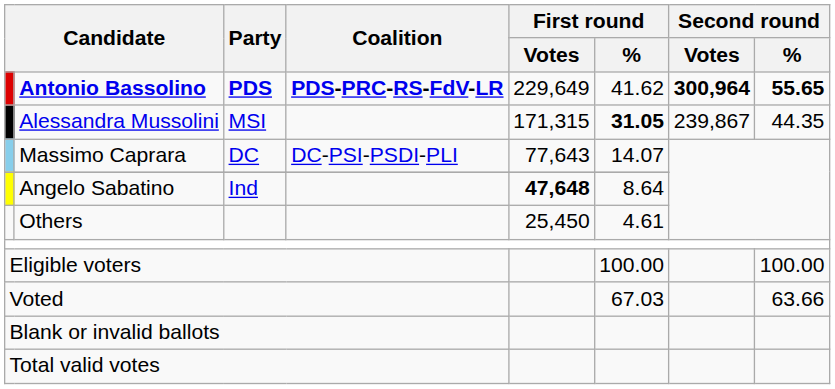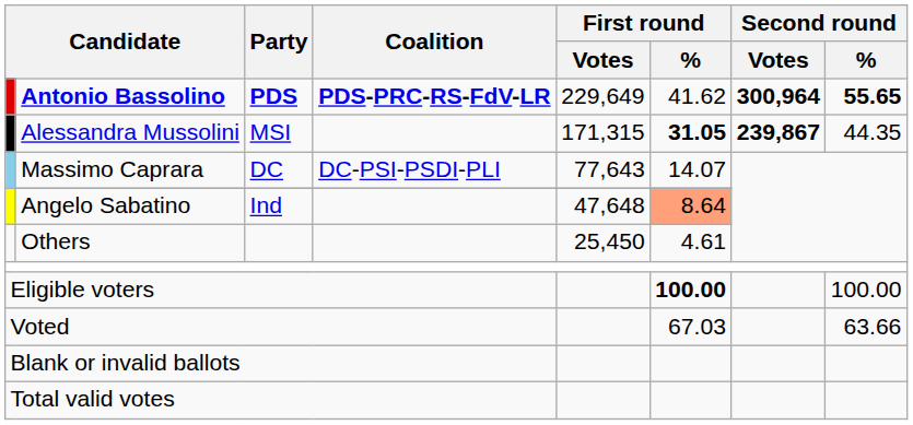 <table class="wikitable centre">
 <tr>
 <th scope="col" rowspan=2 colspan=2>Candidate</th>
 <th scope="col" rowspan=2 colspan=1>Party</th>
 <th scope="col" rowspan=2 colspan=1>Coalition</th>
 <th scope="col" colspan=2>First round</th>
 <th scope="col" colspan=2>Second round</th>
 </tr>
 <tr>
 <th scope="col">Votes</th>
 <th scope="col">%</th>
 <th scope="col">Votes</th>
 <th scope="col">%</th>
 </tr>
 <tr>
 <td bgcolor="#dd0000"></td>
 <td><strong><a href='#'>Antonio Bassolino</a></strong></td>
 <td><strong><a href='#'>PDS</a></strong></td>
 <td><strong><a href='#'>PDS</a>-<a href='#'>PRC</a>-<a href='#'>RS</a>-<a href='#'>FdV</a>-<a href='#'>LR</a></strong></td>
 <td style="text-align: right">229,649</td>
 <td style="text-align: right">41.62</td>
 <td style="text-align: right"><strong>300,964</strong></td>
 <td style="text-align: right"><strong>55.65</strong></td>
 </tr>
 <tr>
 <td bgcolor="black"></td>
 <td><a href='#'>Alessandra Mussolini</a></td>
 <td><a href='#'>MSI</a></td>
 <td></td>
 <td style="text-align: right">171,315</td>
 <td style="text-align: right"><strong>31.05</strong></td>
-<td style="text-align: right">239,867</td>
+<td style="text-align: right"><strong>239,867</strong></td>
 <td style="text-align: right">44.35</td>
 </tr>
 <tr>
 <td bgcolor="skyblue"></td>
 <td>Massimo Caprara</td>
 <td><a href='#'>DC</a></td>
 <td><a href='#'>DC</a>-<a href='#'>PSI</a>-<a href='#'>PSDI</a>-<a href='#'>PLI</a></td>
 <td style="text-align: right">77,643</td>
 <td style="text-align: right">14.07</td>
 </tr>
 <tr>
 </tr>
 <tr>
 <td bgcolor="yellow"></td>
 <td>Angelo Sabatino</td>
 <td><a href='#'>Ind</a></td>
 <td></td>
-<td style="text-align: right"><strong>47,648</strong></td>
-<td style="text-align: right">8.64</td>
+<td style="text-align: right">47,648</td>
+<td style="background: lightsalmon; text-align: right">8.64</td>
 </tr>
 <tr>
 <td bgcolor=""></td>
 <td>Others</td>
 <td></td>
 <td></td>
 <td style="text-align: right">25,450</td>
 <td style="text-align: right">4.61</td>
 </tr>
 <tr bgcolor=white>
 <td colspan=8></td>
 </tr>
 <tr>
 <td colspan=4>Eligible voters</td>
 <td style="text-align: right"></td>
-<td style="text-align: right">100.00</td>
+<td style="text-align: right"><strong>100.00</strong></td>
 <td style="text-align: right"></td>
 <td style="text-align: right">100.00</td>
 </tr>
 <tr>
 <td colspan=4>Voted</td>
 <td style="text-align: right"></td>
 <td style="text-align: right">67.03</td>
 <td style="text-align: right"></td>
 <td style="text-align: right">63.66</td>
 </tr>
 <tr>
 <td colspan=4>Blank or invalid ballots</td>
 <td style="text-align: right"></td>
 <td style="text-align: right"></td>
 <td style="text-align: right"></td>
 <td style="text-align: right"></td>
 </tr>
 <tr>
 <td colspan=4>Total valid votes</td>
 <td style="text-align: right"></td>
 <td style="text-align: right"></td>
 <td style="text-align: right"></td>
 <td style="text-align: right"></td>
 </tr>
 </table>
